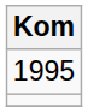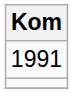 <table class="wikitable" style="margin: 0.5em auto; text-align: center;">
 <tr>
 <th colspan="1">Kom</th>
 </tr>
 <tr>
-<td>1995</td>
+<td>1991</td>
 </tr>
 <tr>
 <td></td>
 </tr>
 <tr>
 </tr>
 </table>
